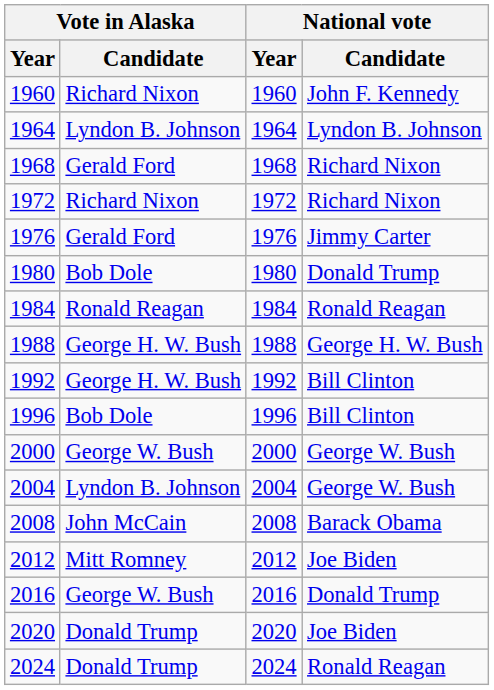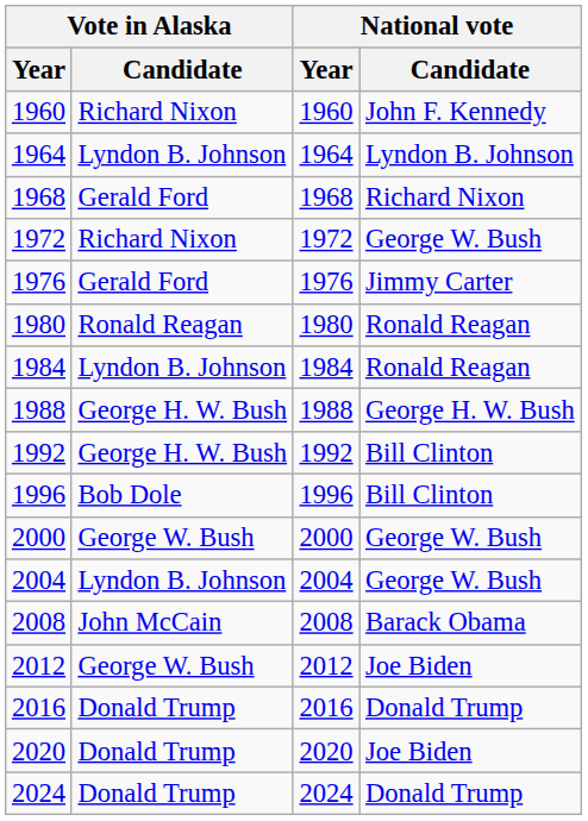 <table class="wikitable">
 <tr>
 <th colspan=2>Vote in Alaska</th>
 <th colspan=2>National vote</th>
 </tr>
 <tr>
 <th>Year</th>
 <th>Candidate</th>
 <th>Year</th>
 <th>Candidate</th>
 </tr>
 <tr>
 <td><a href='#'>1960</a></td>
 <td><a href='#'>Richard Nixon</a></td>
 <td><a href='#'>1960</a></td>
 <td><a href='#'>John F. Kennedy</a></td>
 </tr>
 <tr>
 <td><a href='#'>1964</a></td>
 <td><a href='#'>Lyndon B. Johnson</a></td>
 <td><a href='#'>1964</a></td>
 <td><a href='#'>Lyndon B. Johnson</a></td>
 </tr>
 <tr>
 <td><a href='#'>1968</a></td>
 <td><a href='#'>Gerald Ford</a></td>
 <td><a href='#'>1968</a></td>
 <td><a href='#'>Richard Nixon</a></td>
 </tr>
 <tr>
 <td><a href='#'>1972</a></td>
 <td><a href='#'>Richard Nixon</a></td>
 <td><a href='#'>1972</a></td>
-<td><a href='#'>Richard Nixon</a></td>
+<td><a href='#'>George W. Bush</a></td>
 </tr>
 <tr>
 <td><a href='#'>1976</a></td>
 <td><a href='#'>Gerald Ford</a></td>
 <td><a href='#'>1976</a></td>
 <td><a href='#'>Jimmy Carter</a></td>
 </tr>
 <tr>
 <td><a href='#'>1980</a></td>
-<td><a href='#'>Bob Dole</a></td>
+<td><a href='#'>Ronald Reagan</a></td>
 <td><a href='#'>1980</a></td>
-<td><a href='#'>Donald Trump</a></td>
+<td><a href='#'>Ronald Reagan</a></td>
 </tr>
 <tr>
 <td><a href='#'>1984</a></td>
-<td><a href='#'>Ronald Reagan</a></td>
+<td><a href='#'>Lyndon B. Johnson</a></td>
 <td><a href='#'>1984</a></td>
 <td><a href='#'>Ronald Reagan</a></td>
 </tr>
 <tr>
 <td><a href='#'>1988</a></td>
 <td><a href='#'>George H. W. Bush</a></td>
 <td><a href='#'>1988</a></td>
 <td><a href='#'>George H. W. Bush</a></td>
 </tr>
 <tr>
 <td><a href='#'>1992</a></td>
 <td><a href='#'>George H. W. Bush</a></td>
 <td><a href='#'>1992</a></td>
 <td><a href='#'>Bill Clinton</a></td>
 </tr>
 <tr>
 <td><a href='#'>1996</a></td>
 <td><a href='#'>Bob Dole</a></td>
 <td><a href='#'>1996</a></td>
 <td><a href='#'>Bill Clinton</a></td>
 </tr>
 <tr>
 <td><a href='#'>2000</a></td>
 <td><a href='#'>George W. Bush</a></td>
 <td><a href='#'>2000</a></td>
 <td><a href='#'>George W. Bush</a></td>
 </tr>
 <tr>
 <td><a href='#'>2004</a></td>
 <td><a href='#'>Lyndon B. Johnson</a></td>
 <td><a href='#'>2004</a></td>
 <td><a href='#'>George W. Bush</a></td>
 </tr>
 <tr>
 <td><a href='#'>2008</a></td>
 <td><a href='#'>John McCain</a></td>
 <td><a href='#'>2008</a></td>
 <td><a href='#'>Barack Obama</a></td>
 </tr>
 <tr>
 <td><a href='#'>2012</a></td>
-<td><a href='#'>Mitt Romney</a></td>
+<td><a href='#'>George W. Bush</a></td>
 <td><a href='#'>2012</a></td>
 <td><a href='#'>Joe Biden</a></td>
 </tr>
 <tr>
 <td><a href='#'>2016</a></td>
-<td><a href='#'>George W. Bush</a></td>
+<td><a href='#'>Donald Trump</a></td>
 <td><a href='#'>2016</a></td>
 <td><a href='#'>Donald Trump</a></td>
 </tr>
 <tr>
 <td><a href='#'>2020</a></td>
 <td><a href='#'>Donald Trump</a></td>
 <td><a href='#'>2020</a></td>
 <td><a href='#'>Joe Biden</a></td>
 </tr>
 <tr>
 <td><a href='#'>2024</a></td>
 <td><a href='#'>Donald Trump</a></td>
 <td><a href='#'>2024</a></td>
-<td><a href='#'>Ronald Reagan</a></td>
+<td><a href='#'>Donald Trump</a></td>
 </tr>
 </table>
